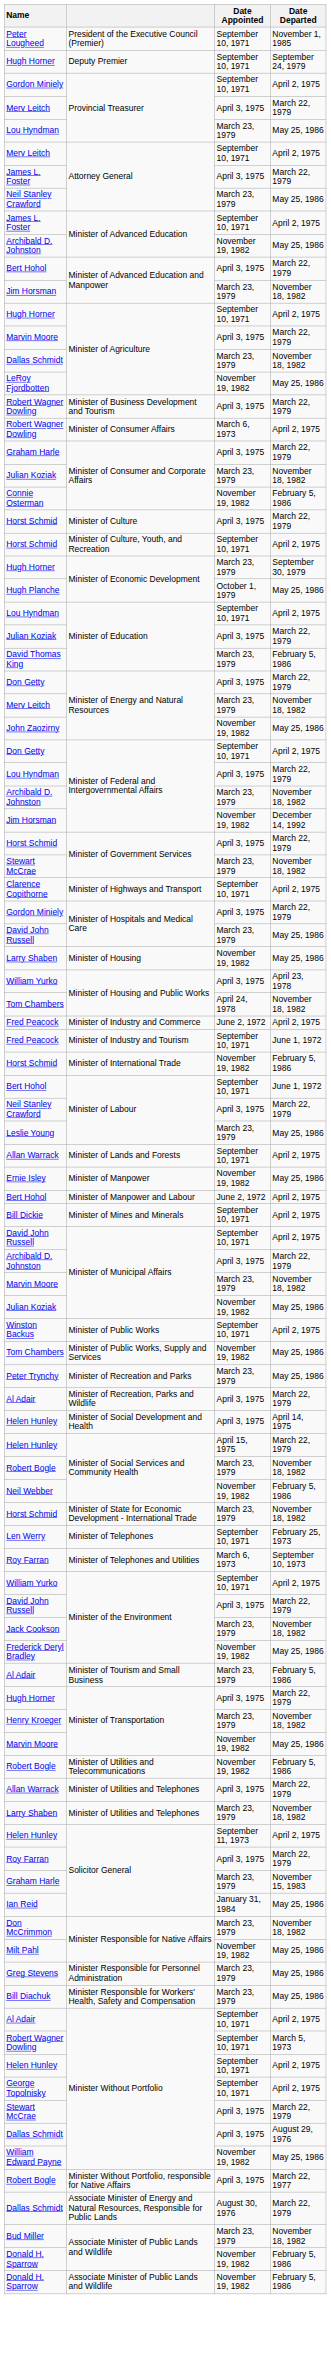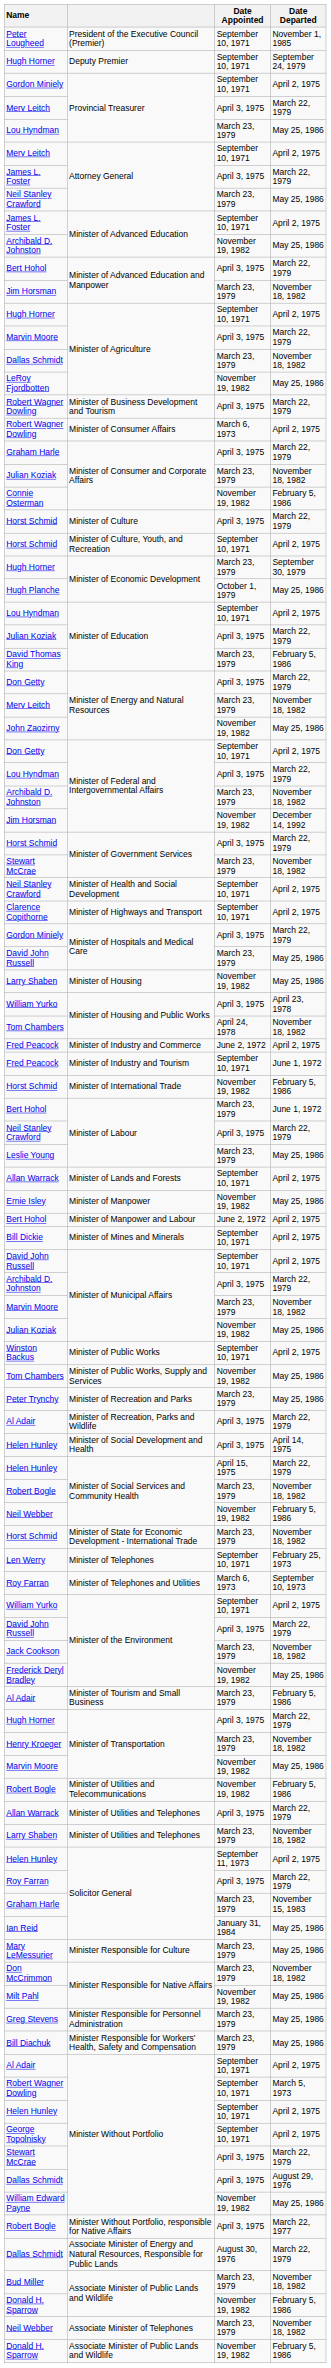 <table class="wikitable sortable" style="text-align:left;">
 <tr>
 <th style="text-align:left;">Name</th>
 <th></th>
 <th>Date Appointed</th>
 <th>Date Departed</th>
 </tr>
 <tr>
 <td style="text-align:left;"><a href='#'>Peter Lougheed</a></td>
 <td>President of the Executive Council (Premier)</td>
 <td>September 10, 1971</td>
 <td>November 1, 1985</td>
 </tr>
 <tr>
 <td><a href='#'>Hugh Horner</a></td>
 <td>Deputy Premier</td>
 <td>September 10, 1971</td>
 <td>September 24, 1979</td>
 </tr>
 <tr>
 <td><a href='#'>Gordon Miniely</a></td>
 <td rowspan="3">Provincial Treasurer</td>
 <td>September 10, 1971</td>
 <td>April 2, 1975</td>
 </tr>
 <tr>
 <td style="text-align:left;"><a href='#'>Merv Leitch</a></td>
 <td>April 3, 1975</td>
 <td>March 22, 1979</td>
 </tr>
 <tr>
 <td style="text-align:left;"><a href='#'>Lou Hyndman</a></td>
 <td>March 23, 1979</td>
 <td>May 25, 1986</td>
 </tr>
 <tr>
 <td style="text-align:left;"><a href='#'>Merv Leitch</a></td>
 <td rowspan="3">Attorney General</td>
 <td>September 10, 1971</td>
 <td>April 2, 1975</td>
 </tr>
 <tr>
 <td style="text-align:left;"><a href='#'>James L. Foster</a></td>
 <td>April 3, 1975</td>
 <td>March 22, 1979</td>
 </tr>
 <tr style="text-align:left;">
 <td><a href='#'>Neil Stanley Crawford</a></td>
 <td>March 23, 1979</td>
 <td>May 25, 1986</td>
 </tr>
 <tr style="text-align:left;">
 <td><a href='#'>James L. Foster</a></td>
 <td rowspan="2">Minister of Advanced Education</td>
 <td>September 10, 1971</td>
 <td>April 2, 1975</td>
 </tr>
 <tr>
 <td><a href='#'>Archibald D. Johnston</a></td>
 <td>November 19, 1982</td>
 <td>May 25, 1986</td>
 </tr>
 <tr>
 <td><a href='#'>Bert Hohol</a></td>
 <td rowspan="2">Minister of Advanced Education and Manpower</td>
 <td>April 3, 1975</td>
 <td>March 22, 1979</td>
 </tr>
 <tr>
 <td><a href='#'>Jim Horsman</a></td>
 <td>March 23, 1979</td>
 <td>November 18, 1982</td>
 </tr>
 <tr>
 <td><a href='#'>Hugh Horner</a></td>
 <td rowspan="4">Minister of Agriculture</td>
 <td>September 10, 1971</td>
 <td>April 2, 1975</td>
 </tr>
 <tr>
 <td><a href='#'>Marvin Moore</a></td>
 <td>April 3, 1975</td>
 <td>March 22, 1979</td>
 </tr>
 <tr>
 <td><a href='#'>Dallas Schmidt</a></td>
 <td>March 23, 1979</td>
 <td>November 18, 1982</td>
 </tr>
 <tr>
 <td><a href='#'>LeRoy Fjordbotten</a></td>
 <td>November 19, 1982</td>
 <td>May 25, 1986</td>
 </tr>
 <tr>
 <td><a href='#'>Robert Wagner Dowling</a></td>
 <td>Minister of Business Development and Tourism</td>
 <td>April 3, 1975</td>
 <td>March 22, 1979</td>
 </tr>
 <tr>
 <td><a href='#'>Robert Wagner Dowling</a></td>
 <td>Minister of Consumer Affairs</td>
 <td>March 6, 1973</td>
 <td>April 2, 1975</td>
 </tr>
 <tr>
 <td><a href='#'>Graham Harle</a></td>
 <td rowspan="3">Minister of Consumer and Corporate Affairs</td>
 <td>April 3, 1975</td>
 <td>March 22, 1979</td>
 </tr>
 <tr>
 <td><a href='#'>Julian Koziak</a></td>
 <td>March 23, 1979</td>
 <td>November 18, 1982</td>
 </tr>
 <tr>
 <td><a href='#'>Connie Osterman</a></td>
 <td>November 19, 1982</td>
 <td>February 5, 1986</td>
 </tr>
 <tr>
 <td><a href='#'>Horst Schmid</a></td>
 <td>Minister of Culture</td>
 <td>April 3, 1975</td>
 <td>March 22, 1979</td>
 </tr>
 <tr>
 <td><a href='#'>Horst Schmid</a></td>
 <td>Minister of Culture, Youth, and Recreation</td>
 <td>September 10, 1971</td>
 <td>April 2, 1975</td>
 </tr>
 <tr>
 <td><a href='#'>Hugh Horner</a></td>
 <td rowspan="2">Minister of Economic Development</td>
 <td>March 23, 1979</td>
 <td>September 30, 1979</td>
 </tr>
 <tr>
 <td><a href='#'>Hugh Planche</a></td>
 <td>October 1, 1979</td>
 <td>May 25, 1986</td>
 </tr>
 <tr>
 <td><a href='#'>Lou Hyndman</a></td>
 <td rowspan="3">Minister of Education</td>
 <td>September 10, 1971</td>
 <td>April 2, 1975</td>
 </tr>
 <tr>
 <td><a href='#'>Julian Koziak</a></td>
 <td>April 3, 1975</td>
 <td>March 22, 1979</td>
 </tr>
 <tr>
 <td><a href='#'>David Thomas King</a></td>
 <td>March 23, 1979</td>
 <td>February 5, 1986</td>
 </tr>
 <tr>
 <td><a href='#'>Don Getty</a></td>
 <td rowspan="3">Minister of Energy and Natural Resources</td>
 <td>April 3, 1975</td>
 <td>March 22, 1979</td>
 </tr>
 <tr>
 <td><a href='#'>Merv Leitch</a></td>
 <td>March 23, 1979</td>
 <td>November 18, 1982</td>
 </tr>
 <tr>
 <td><a href='#'>John Zaozirny</a></td>
 <td>November 19, 1982</td>
 <td>May 25, 1986</td>
 </tr>
 <tr>
 <td><a href='#'>Don Getty</a></td>
 <td rowspan="4">Minister of Federal and Intergovernmental Affairs</td>
 <td>September 10, 1971</td>
 <td>April 2, 1975</td>
 </tr>
 <tr>
 <td><a href='#'>Lou Hyndman</a></td>
 <td>April 3, 1975</td>
 <td>March 22, 1979</td>
 </tr>
 <tr>
 <td><a href='#'>Archibald D. Johnston</a></td>
 <td>March 23, 1979</td>
 <td>November 18, 1982</td>
 </tr>
 <tr>
 <td><a href='#'>Jim Horsman</a></td>
 <td>November 19, 1982</td>
 <td>December 14, 1992</td>
 </tr>
 <tr>
 <td><a href='#'>Horst Schmid</a></td>
 <td rowspan="2">Minister of Government Services</td>
 <td>April 3, 1975</td>
 <td>March 22, 1979</td>
 </tr>
 <tr>
 <td><a href='#'>Stewart McCrae</a></td>
 <td>March 23, 1979</td>
 <td>November 18, 1982</td>
 </tr>
 <tr>
+<td><a href='#'>Neil Stanley Crawford</a></td>
+<td>Minister of Health and Social Development</td>
+<td>September 10, 1971</td>
+<td>April 2, 1975</td>
+</tr>
+<tr>
 <td><a href='#'>Clarence Copithorne</a></td>
 <td>Minister of Highways and Transport</td>
 <td>September 10, 1971</td>
 <td>April 2, 1975</td>
 </tr>
 <tr>
 <td><a href='#'>Gordon Miniely</a></td>
 <td rowspan="2">Minister of Hospitals and Medical Care</td>
 <td>April 3, 1975</td>
 <td>March 22, 1979</td>
 </tr>
 <tr>
 <td><a href='#'>David John Russell</a></td>
 <td>March 23, 1979</td>
 <td>May 25, 1986</td>
 </tr>
 <tr>
 <td><a href='#'>Larry Shaben</a></td>
 <td>Minister of Housing</td>
 <td>November 19, 1982</td>
 <td>May 25, 1986</td>
 </tr>
 <tr>
 <td><a href='#'>William Yurko</a></td>
 <td rowspan="2">Minister of Housing and Public Works</td>
 <td>April 3, 1975</td>
 <td>April 23, 1978</td>
 </tr>
 <tr>
 <td><a href='#'>Tom Chambers</a></td>
 <td>April 24, 1978</td>
 <td>November 18, 1982</td>
 </tr>
 <tr>
 <td><a href='#'>Fred Peacock</a></td>
 <td>Minister of Industry and Commerce</td>
 <td>June 2, 1972</td>
 <td>April 2, 1975</td>
 </tr>
 <tr>
 <td><a href='#'>Fred Peacock</a></td>
 <td>Minister of Industry and Tourism</td>
 <td>September 10, 1971</td>
 <td>June 1, 1972</td>
 </tr>
 <tr>
 <td><a href='#'>Horst Schmid</a></td>
 <td>Minister of International Trade</td>
 <td>November 19, 1982</td>
 <td>February 5, 1986</td>
 </tr>
 <tr>
 <td><a href='#'>Bert Hohol</a></td>
 <td rowspan="3">Minister of Labour</td>
-<td>September 10, 1971</td>
+<td>March 23, 1979</td>
 <td>June 1, 1972</td>
 </tr>
 <tr>
 <td><a href='#'>Neil Stanley Crawford</a></td>
 <td>April 3, 1975</td>
 <td>March 22, 1979</td>
 </tr>
 <tr>
 <td><a href='#'>Leslie Young</a></td>
 <td>March 23, 1979</td>
 <td>May 25, 1986</td>
 </tr>
 <tr>
 <td><a href='#'>Allan Warrack</a></td>
 <td>Minister of Lands and Forests</td>
 <td>September 10, 1971</td>
 <td>April 2, 1975</td>
 </tr>
 <tr>
 <td><a href='#'>Ernie Isley</a></td>
 <td>Minister of Manpower</td>
 <td>November 19, 1982</td>
 <td>May 25, 1986</td>
 </tr>
 <tr>
 <td><a href='#'>Bert Hohol</a></td>
 <td>Minister of Manpower and Labour</td>
 <td>June 2, 1972</td>
 <td>April 2, 1975</td>
 </tr>
 <tr>
 <td><a href='#'>Bill Dickie</a></td>
 <td>Minister of Mines and Minerals</td>
 <td>September 10, 1971</td>
 <td>April 2, 1975</td>
 </tr>
 <tr>
 <td><a href='#'>David John Russell</a></td>
 <td rowspan="4">Minister of Municipal Affairs</td>
 <td>September 10, 1971</td>
 <td>April 2, 1975</td>
 </tr>
 <tr>
 <td><a href='#'>Archibald D. Johnston</a></td>
 <td>April 3, 1975</td>
 <td>March 22, 1979</td>
 </tr>
 <tr>
 <td><a href='#'>Marvin Moore</a></td>
 <td>March 23, 1979</td>
 <td>November 18, 1982</td>
 </tr>
 <tr>
 <td><a href='#'>Julian Koziak</a></td>
 <td>November 19, 1982</td>
 <td>May 25, 1986</td>
 </tr>
 <tr>
 <td><a href='#'>Winston Backus</a></td>
 <td>Minister of Public Works</td>
 <td>September 10, 1971</td>
 <td>April 2, 1975</td>
 </tr>
 <tr>
 <td><a href='#'>Tom Chambers</a></td>
 <td>Minister of Public Works, Supply and Services</td>
 <td>November 19, 1982</td>
 <td>May 25, 1986</td>
 </tr>
 <tr>
 <td><a href='#'>Peter Trynchy</a></td>
 <td>Minister of Recreation and Parks</td>
 <td>March 23, 1979</td>
 <td>May 25, 1986</td>
 </tr>
 <tr>
 <td><a href='#'>Al Adair</a></td>
 <td>Minister of Recreation, Parks and Wildlife</td>
 <td>April 3, 1975</td>
 <td>March 22, 1979</td>
 </tr>
 <tr>
 <td><a href='#'>Helen Hunley</a></td>
 <td>Minister of Social Development and Health</td>
 <td>April 3, 1975</td>
 <td>April 14, 1975</td>
 </tr>
 <tr>
 <td><a href='#'>Helen Hunley</a></td>
 <td rowspan="3">Minister of Social Services and Community Health</td>
 <td>April 15, 1975</td>
 <td>March 22, 1979</td>
 </tr>
 <tr>
 <td><a href='#'>Robert Bogle</a></td>
 <td>March 23, 1979</td>
 <td>November 18, 1982</td>
 </tr>
 <tr>
 <td><a href='#'>Neil Webber</a></td>
 <td>November 19, 1982</td>
 <td>February 5, 1986</td>
 </tr>
 <tr>
 <td><a href='#'>Horst Schmid</a></td>
 <td>Minister of State for Economic Development - International Trade</td>
 <td>March 23, 1979</td>
 <td>November 18, 1982</td>
 </tr>
 <tr>
 <td><a href='#'>Len Werry</a></td>
 <td>Minister of Telephones</td>
 <td>September 10, 1971</td>
 <td>February 25, 1973</td>
 </tr>
 <tr>
 <td><a href='#'>Roy Farran</a></td>
 <td>Minister of Telephones and Utilities</td>
 <td>March 6, 1973</td>
 <td>September 10, 1973</td>
 </tr>
 <tr>
 <td><a href='#'>William Yurko</a></td>
 <td rowspan="4">Minister of the Environment</td>
 <td>September 10, 1971</td>
 <td>April 2, 1975</td>
 </tr>
 <tr>
 <td><a href='#'>David John Russell</a></td>
 <td>April 3, 1975</td>
 <td>March 22, 1979</td>
 </tr>
 <tr>
 <td><a href='#'>Jack Cookson</a></td>
 <td>March 23, 1979</td>
 <td>November 18, 1982</td>
 </tr>
 <tr>
 <td><a href='#'>Frederick Deryl Bradley</a></td>
 <td>November 19, 1982</td>
 <td>May 25, 1986</td>
 </tr>
 <tr>
 <td><a href='#'>Al Adair</a></td>
 <td>Minister of Tourism and Small Business</td>
 <td>March 23, 1979</td>
 <td>February 5, 1986</td>
 </tr>
 <tr>
 <td><a href='#'>Hugh Horner</a></td>
 <td rowspan="3">Minister of Transportation</td>
 <td>April 3, 1975</td>
 <td>March 22, 1979</td>
 </tr>
 <tr>
 <td><a href='#'>Henry Kroeger</a></td>
 <td>March 23, 1979</td>
 <td>November 18, 1982</td>
 </tr>
 <tr>
 <td><a href='#'>Marvin Moore</a></td>
 <td>November 19, 1982</td>
 <td>May 25, 1986</td>
 </tr>
 <tr>
 <td><a href='#'>Robert Bogle</a></td>
 <td>Minister of Utilities and Telecommunications</td>
 <td>November 19, 1982</td>
 <td>February 5, 1986</td>
 </tr>
 <tr>
 <td><a href='#'>Allan Warrack</a></td>
 <td>Minister of Utilities and Telephones</td>
 <td>April 3, 1975</td>
 <td>March 22, 1979</td>
 </tr>
 <tr>
 <td><a href='#'>Larry Shaben</a></td>
 <td>Minister of Utilities and Telephones</td>
 <td>March 23, 1979</td>
 <td>November 18, 1982</td>
 </tr>
 <tr>
 <td><a href='#'>Helen Hunley</a></td>
 <td rowspan="4">Solicitor General</td>
 <td>September 11, 1973</td>
 <td>April 2, 1975</td>
 </tr>
 <tr>
 <td><a href='#'>Roy Farran</a></td>
 <td>April 3, 1975</td>
 <td>March 22, 1979</td>
 </tr>
 <tr>
 <td><a href='#'>Graham Harle</a></td>
 <td>March 23, 1979</td>
 <td>November 15, 1983</td>
 </tr>
 <tr>
 <td><a href='#'>Ian Reid</a></td>
 <td>January 31, 1984</td>
 <td>May 25, 1986</td>
 </tr>
 <tr>
+<td><a href='#'>Mary LeMessurier</a></td>
+<td>Minister Responsible for Culture</td>
+<td>March 23, 1979</td>
+<td>May 25, 1986</td>
+</tr>
+<tr>
 <td><a href='#'>Don McCrimmon</a></td>
 <td rowspan="2">Minister Responsible for Native Affairs</td>
 <td>March 23, 1979</td>
 <td>November 18, 1982</td>
 </tr>
 <tr>
 <td><a href='#'>Milt Pahl</a></td>
 <td>November 19, 1982</td>
 <td>May 25, 1986</td>
 </tr>
 <tr>
 <td><a href='#'>Greg Stevens</a></td>
 <td>Minister Responsible for Personnel Administration</td>
 <td>March 23, 1979</td>
 <td>May 25, 1986</td>
 </tr>
 <tr>
 <td><a href='#'>Bill Diachuk</a></td>
 <td>Minister Responsible for Workers' Health, Safety and Compensation</td>
 <td>March 23, 1979</td>
 <td>May 25, 1986</td>
 </tr>
 <tr>
 <td><a href='#'>Al Adair</a></td>
 <td rowspan="7">Minister Without Portfolio</td>
 <td>September 10, 1971</td>
 <td>April 2, 1975</td>
 </tr>
 <tr>
 <td><a href='#'>Robert Wagner Dowling</a></td>
 <td>September 10, 1971</td>
 <td>March 5, 1973</td>
 </tr>
 <tr>
 <td><a href='#'>Helen Hunley</a></td>
 <td>September 10, 1971</td>
 <td>April 2, 1975</td>
 </tr>
 <tr>
 <td><a href='#'>George Topolnisky</a></td>
 <td>September 10, 1971</td>
 <td>April 2, 1975</td>
 </tr>
 <tr>
 <td><a href='#'>Stewart McCrae</a></td>
 <td>April 3, 1975</td>
 <td>March 22, 1979</td>
 </tr>
 <tr>
 <td><a href='#'>Dallas Schmidt</a></td>
 <td>April 3, 1975</td>
 <td>August 29, 1976</td>
 </tr>
 <tr>
 <td><a href='#'>William Edward Payne</a></td>
 <td>November 19, 1982</td>
 <td>May 25, 1986</td>
 </tr>
 <tr>
 <td><a href='#'>Robert Bogle</a></td>
 <td>Minister Without Portfolio, responsible for Native Affairs</td>
 <td>April 3, 1975</td>
 <td>March 22, 1977</td>
 </tr>
 <tr>
 <td><a href='#'>Dallas Schmidt</a></td>
 <td>Associate Minister of Energy and Natural Resources, Responsible for Public Lands</td>
 <td>August 30, 1976</td>
 <td>March 22, 1979</td>
 </tr>
 <tr>
 <td><a href='#'>Bud Miller</a></td>
 <td rowspan="2">Associate Minister of Public Lands and Wildlife</td>
 <td>March 23, 1979</td>
 <td>November 18, 1982</td>
 </tr>
 <tr>
 <td><a href='#'>Donald H. Sparrow</a></td>
 <td>November 19, 1982</td>
 <td>February 5, 1986</td>
 </tr>
 <tr>
+<td><a href='#'>Neil Webber</a></td>
+<td>Associate Minister of Telephones</td>
+<td>March 23, 1979</td>
+<td>November 18, 1982</td>
+</tr>
+<tr>
 <td><a href='#'>Donald H. Sparrow</a></td>
 <td>Associate Minister of Public Lands and Wildlife</td>
 <td>November 19, 1982</td>
 <td>February 5, 1986</td>
 </tr>
 </table>
